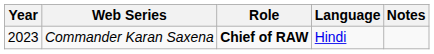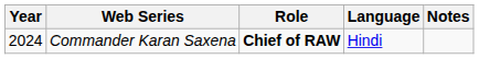 <table class="wikitable sortable'">
 <tr>
 <th>Year</th>
 <th>Web Series</th>
 <th>Role</th>
 <th>Language</th>
 <th>Notes</th>
 </tr>
 <tr>
-<td Rowspan="1">2023</td>
+<td Rowspan="1">2024</td>
 <td><em>Commander Karan Saxena </em></td>
 <td><strong>Chief of RAW</strong></td>
 <td><a href='#'> Hindi</a></td>
 <td></td>
 </tr>
 </table>
